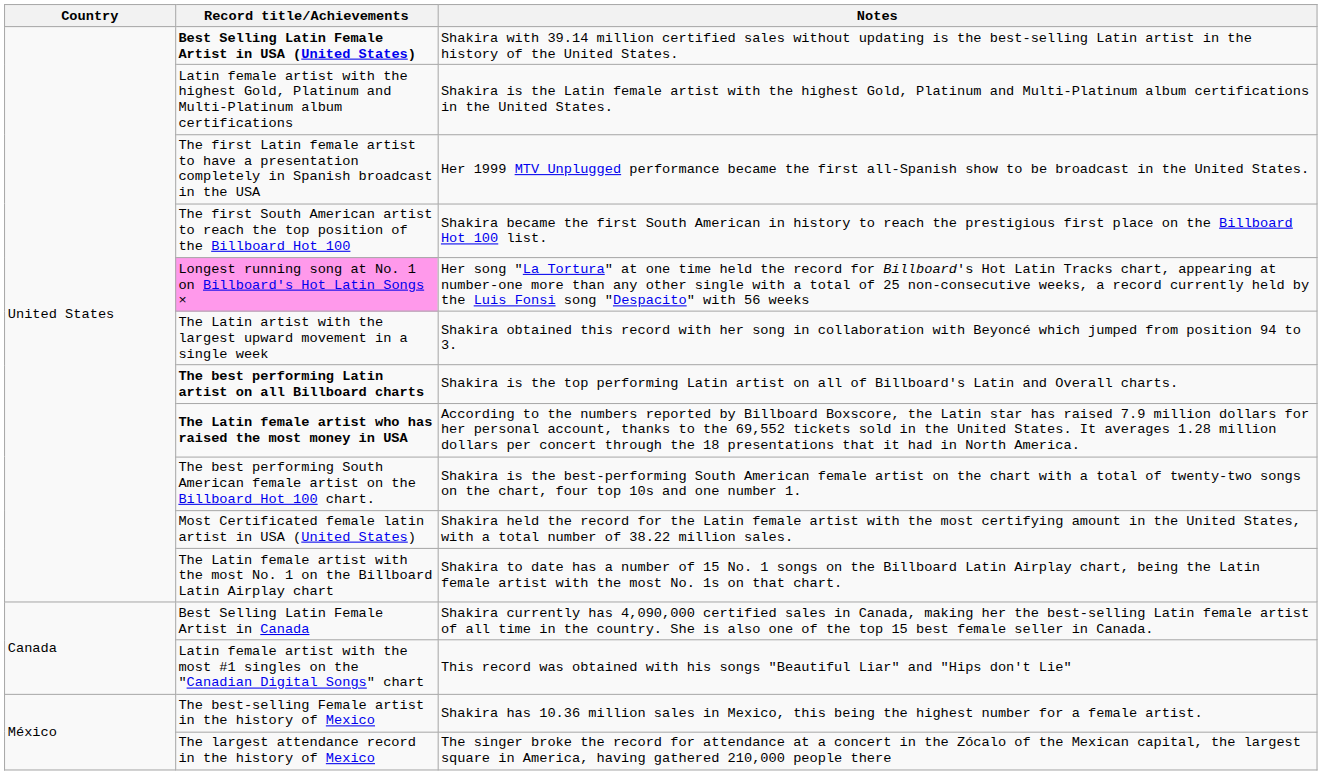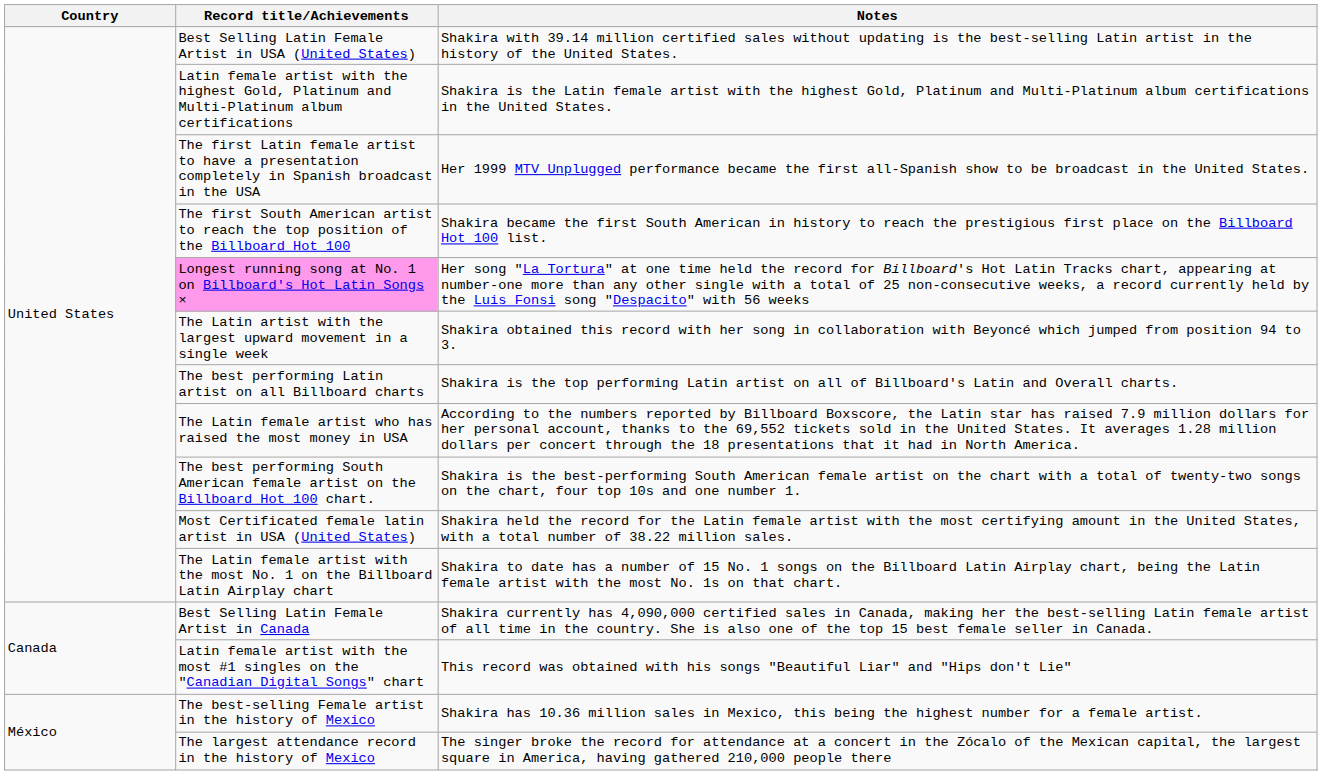 <table class="wikitable sortable plainrowheaders">
 <tr>
 <th>Country</th>
 <th scope="col" width="20%">Record title/Achievements</th>
 <th scope="col" width="67%">Notes</th>
 </tr>
 <tr>
 <td rowspan="11">United States</td>
-<td><strong>Best Selling Latin Female Artist in USA (<a href='#'>United States</a>)</strong></td>
+<td>Best Selling Latin Female Artist in USA (<a href='#'>United States</a>)</td>
 <td>Shakira with 39.14 million certified sales without updating is the best-selling Latin artist in the history of the United States.</td>
 </tr>
 <tr>
 <td>Latin female artist with the highest Gold, Platinum and Multi-Platinum album certifications</td>
 <td>Shakira is the Latin female artist with the highest Gold, Platinum and Multi-Platinum album certifications in the United States.</td>
 </tr>
 <tr>
 <td>The first Latin female artist to have a presentation completely in Spanish broadcast in the USA</td>
 <td>Her 1999 <a href='#'>MTV Unplugged</a> performance became the first all-Spanish show to be broadcast in the United States.</td>
 </tr>
 <tr>
 <td>The first South American artist to reach the top position of the <a href='#'>Billboard Hot 100</a></td>
 <td>Shakira became the first South American in history to reach the prestigious first place on the <a href='#'>Billboard Hot 100</a> list.</td>
 </tr>
 <tr>
 <td style="background-color: #ff99eb;">Longest running song at No. 1 on <a href='#'>Billboard's Hot Latin Songs</a> ×</td>
 <td>Her song "<a href='#'>La Tortura</a>" at one time held the record for <em>Billboard</em>'s Hot Latin Tracks chart, appearing at number-one more than any other single with a total of 25 non-consecutive weeks, a record currently held by the <a href='#'>Luis Fonsi</a> song "<a href='#'>Despacito</a>" with 56 weeks</td>
 </tr>
 <tr>
 <td>The Latin artist with the largest upward movement in a single week</td>
 <td>Shakira obtained this record with her song in collaboration with Beyoncé which jumped from position 94 to 3.</td>
 </tr>
 <tr>
-<td><strong>The best performing Latin artist on all Billboard charts</strong></td>
+<td>The best performing Latin artist on all Billboard charts</td>
 <td>Shakira is the top performing Latin artist on all of Billboard's Latin and Overall charts.</td>
 </tr>
 <tr>
-<td><strong>The Latin female artist who has raised the most money in USA</strong></td>
+<td>The Latin female artist who has raised the most money in USA</td>
 <td>According to the numbers reported by Billboard Boxscore, the Latin star has raised 7.9 million dollars for her personal account, thanks to the 69,552 tickets sold in the United States. It averages 1.28 million dollars per concert through the 18 presentations that it had in North America.</td>
 </tr>
 <tr>
 <td>The best performing South American female artist on the <a href='#'>Billboard Hot 100</a> chart.</td>
 <td>Shakira is the best-performing South American female artist on the chart with a total of twenty-two songs on the chart, four top 10s and one number 1.</td>
 </tr>
 <tr>
 <td>Most Certificated female latin artist in USA (<a href='#'>United States</a>)</td>
 <td>Shakira held the record for the Latin female artist with the most certifying amount in the United States, with a total number of 38.22 million sales.</td>
 </tr>
 <tr>
 <td>The Latin female artist with the most No. 1 on the Billboard Latin Airplay chart</td>
 <td>Shakira to date has a number of 15 No. 1 songs on the Billboard Latin Airplay chart, being the Latin female artist with the most No. 1s on that chart.</td>
 </tr>
 <tr>
 <td rowspan="2">Canada</td>
 <td>Best Selling Latin Female Artist in <a href='#'>Canada</a></td>
 <td>Shakira currently has 4,090,000 certified sales in Canada, making her the best-selling Latin female artist of all time in the country. She is also one of the top 15 best female seller in Canada.</td>
 </tr>
 <tr>
 <td>Latin female artist with the most #1 singles on the "<a href='#'>Canadian Digital Songs</a>" chart</td>
 <td>This record was obtained with his songs "Beautiful Liar" and "Hips don't Lie"</td>
 </tr>
 <tr>
 <td rowspan="2">México</td>
 <td>The best-selling Female artist in the history of <a href='#'>Mexico</a></td>
 <td>Shakira has 10.36 million sales in Mexico, this being the highest number for a female artist.</td>
 </tr>
 <tr>
 <td>The largest attendance record in the history of <a href='#'>Mexico</a></td>
 <td>The singer broke the record for attendance at a concert in the Zócalo of the Mexican capital, the largest square in America, having gathered 210,000 people there</td>
 </tr>
 </table>
